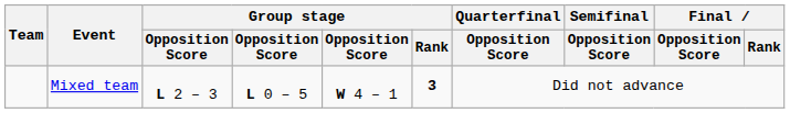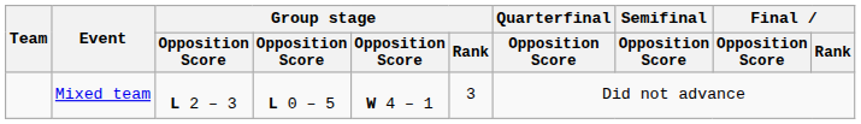 <table class=wikitable style=font-size:90%;text-align:center>
 <tr>
 <th rowspan=2>Team</th>
 <th rowspan=2>Event</th>
 <th colspan=4>Group stage</th>
 <th>Quarterfinal</th>
 <th>Semifinal</th>
 <th colspan=2>Final / </th>
 </tr>
 <tr style=font-size:95%>
 <th>Opposition<br>Score</th>
 <th>Opposition<br>Score</th>
 <th>Opposition<br>Score</th>
 <th>Rank</th>
 <th>Opposition<br>Score</th>
 <th>Opposition<br>Score</th>
 <th>Opposition<br>Score</th>
 <th>Rank</th>
 </tr>
 <tr>
 <td align=left></td>
 <td align=left><a href='#'>Mixed team</a></td>
 <td><br><strong>L</strong> 2 – 3</td>
 <td><br><strong>L</strong> 0 – 5</td>
 <td><br><strong>W</strong> 4 – 1</td>
-<td><strong>3</strong></td>
+<td>3</td>
 <td colspan=4>Did not advance</td>
 </tr>
 </table>
